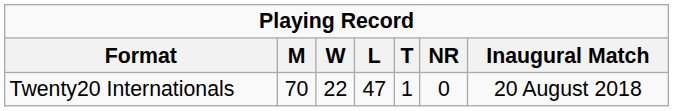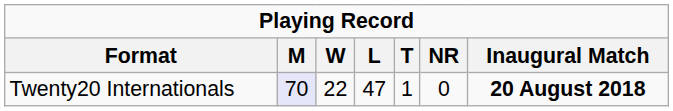 <table class="wikitable" style="text-align: center; width: 500px;">
 <tr>
 <td colspan=7 align="center"><strong>Playing Record</strong></td>
 </tr>
 <tr>
 <th>Format</th>
 <th>M</th>
 <th>W</th>
 <th>L</th>
 <th>T</th>
 <th>NR</th>
 <th>Inaugural Match</th>
 </tr>
 <tr>
 <td align="left">Twenty20 Internationals</td>
-<td>70</td>
+<td style="background: lavender;">70</td>
 <td>22</td>
 <td>47</td>
 <td>1</td>
 <td>0</td>
-<td>20 August 2018</td>
+<td><strong>20 August 2018</strong></td>
 </tr>
 </table>
